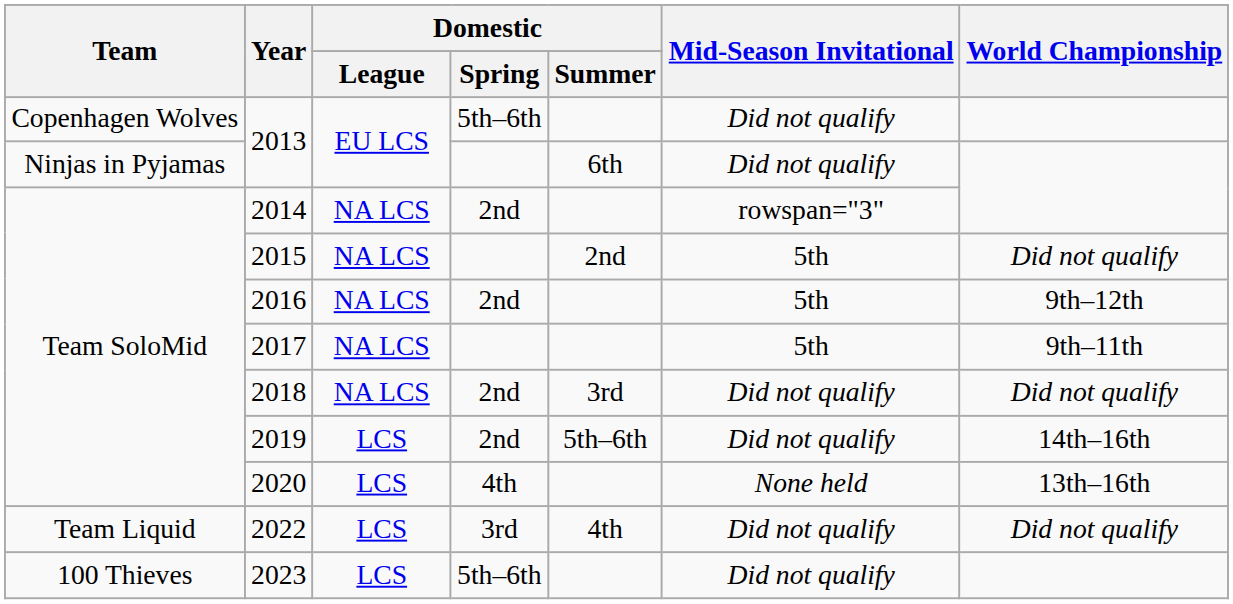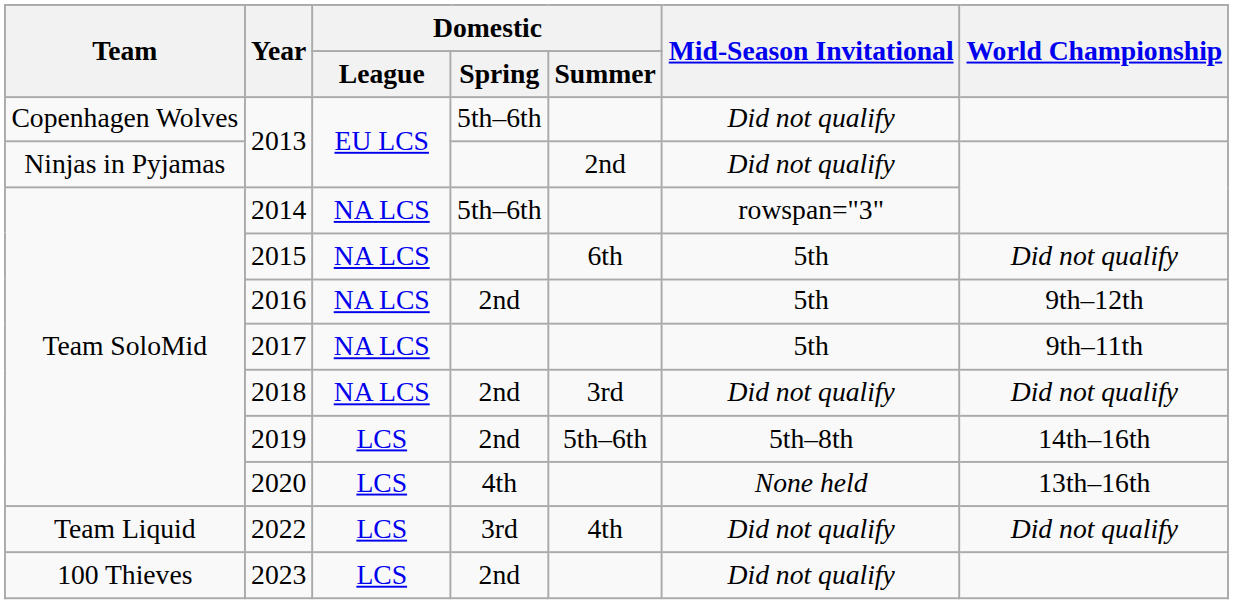 <table class="wikitable" style="font-size:90%; text-align:center;">
 <tr style="background:#f0f6ff;">
 <th rowspan=2>Team</th>
 <th rowspan=2>Year</th>
 <th colspan=3>Domestic</th>
 <th rowspan=2><a href='#'>Mid-Season Invitational</a></th>
 <th rowspan=2><a href='#'>World Championship</a></th>
 </tr>
 <tr>
 <th width=65px>League</th>
 <th>Spring</th>
 <th>Summer</th>
 </tr>
 <tr>
 <td>Copenhagen Wolves</td>
 <td rowspan="2">2013</td>
 <td rowspan="2"><a href='#'>EU LCS</a></td>
 <td>5th–6th</td>
 <td></td>
 <td><em>Did not qualify</em></td>
 <td></td>
 </tr>
 <tr>
 <td>Ninjas in Pyjamas</td>
 <td></td>
-<td>6th</td>
+<td>2nd</td>
 <td><em>Did not qualify</em></td>
 </tr>
 <tr>
 <td rowspan="7">Team SoloMid</td>
 <td>2014</td>
 <td><a href='#'>NA LCS</a></td>
-<td>2nd</td>
+<td>5th–6th</td>
 <td></td>
 <td>rowspan="3" </td>
 </tr>
 <tr>
 <td>2015</td>
 <td><a href='#'>NA LCS</a></td>
 <td></td>
-<td>2nd</td>
+<td>6th</td>
 <td>5th</td>
 <td><em>Did not qualify</em></td>
 </tr>
 <tr>
 <td>2016</td>
 <td><a href='#'>NA LCS</a></td>
 <td>2nd</td>
 <td></td>
 <td>5th</td>
 <td>9th–12th</td>
 </tr>
 <tr>
 <td>2017</td>
 <td><a href='#'>NA LCS</a></td>
 <td></td>
 <td></td>
 <td>5th</td>
 <td>9th–11th</td>
 </tr>
 <tr>
 <td>2018</td>
 <td><a href='#'>NA LCS</a></td>
 <td>2nd</td>
 <td>3rd</td>
 <td><em>Did not qualify</em></td>
 <td><em>Did not qualify</em></td>
 </tr>
 <tr>
 <td>2019</td>
 <td><a href='#'>LCS</a></td>
 <td>2nd</td>
 <td>5th–6th</td>
-<td><em>Did not qualify</em></td>
+<td>5th–8th</td>
 <td>14th–16th</td>
 </tr>
 <tr>
 <td>2020</td>
 <td><a href='#'>LCS</a></td>
 <td>4th</td>
 <td></td>
 <td><em>None held</em></td>
 <td>13th–16th</td>
 </tr>
 <tr>
 <td>Team Liquid</td>
 <td>2022</td>
 <td><a href='#'>LCS</a></td>
 <td>3rd</td>
 <td>4th</td>
 <td><em>Did not qualify</em></td>
 <td><em>Did not qualify</em></td>
 </tr>
 <tr>
 <td>100 Thieves</td>
 <td>2023</td>
 <td><a href='#'>LCS</a></td>
-<td>5th–6th</td>
+<td>2nd</td>
 <td></td>
 <td><em>Did not qualify</em></td>
 <td></td>
 </tr>
 </table>
